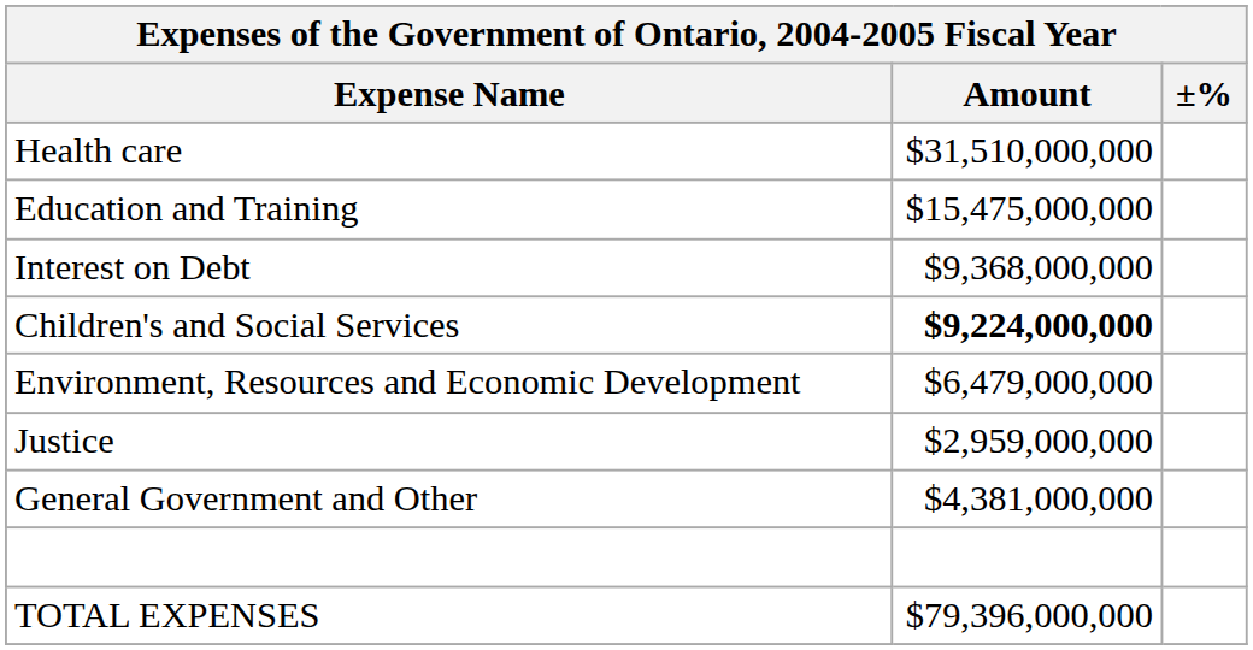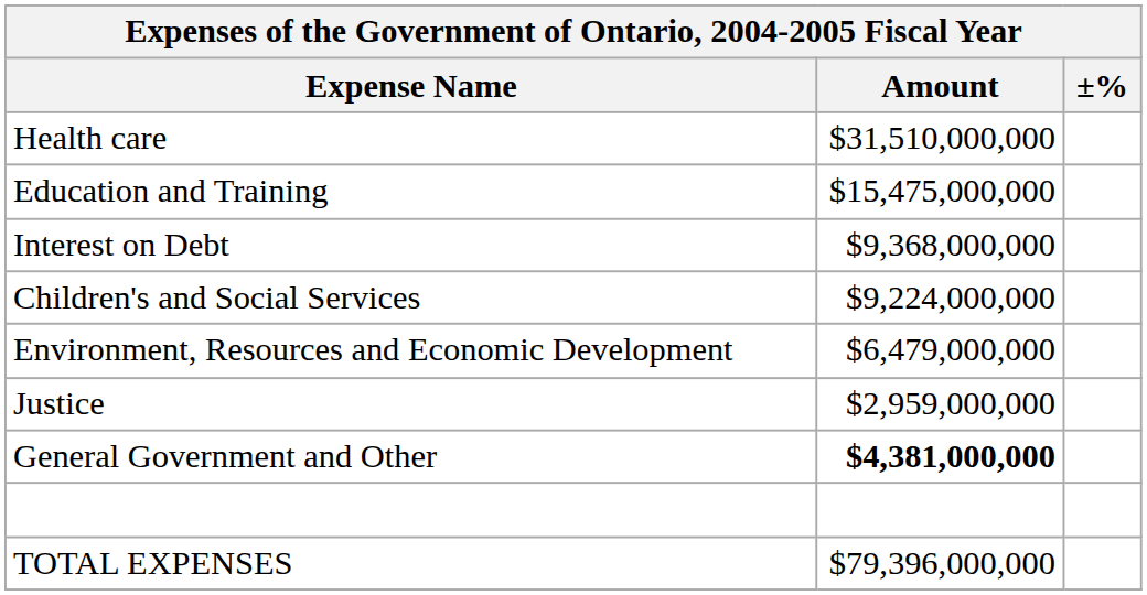 <table class="wikitable">
 <tr>
 <th colspan="7">Expenses of the Government of Ontario, 2004-2005 Fiscal Year</th>
 </tr>
 <tr>
 <th style="width: 380px">Expense Name</th>
 <th style="width: 110px">Amount</th>
 <th style="width: 30px">±%</th>
 </tr>
 <tr bgcolor="white">
 <td>Health care</td>
 <td align="right">$31,510,000,000</td>
 <td align="center"></td>
 </tr>
 <tr bgcolor="white">
 <td>Education and Training</td>
 <td align="right">$15,475,000,000</td>
 <td align="center"></td>
 </tr>
 <tr bgcolor="white">
 <td>Interest on Debt</td>
 <td align="right">$9,368,000,000</td>
 <td align="center"></td>
 </tr>
 <tr bgcolor="white">
 <td>Children's and Social Services</td>
-<td align="right"><strong>$9,224,000,000</strong></td>
+<td align="right">$9,224,000,000</td>
 <td align="center"></td>
 </tr>
 <tr bgcolor="white">
 <td>Environment, Resources and Economic Development</td>
 <td align="right">$6,479,000,000</td>
 <td align="center"></td>
 </tr>
 <tr bgcolor="white">
 <td>Justice</td>
 <td align="right">$2,959,000,000</td>
 <td align="center"></td>
 </tr>
 <tr bgcolor="white">
 <td>General Government and Other</td>
-<td align="right">$4,381,000,000</td>
+<td align="right"><strong>$4,381,000,000</strong></td>
 <td align="center"></td>
 </tr>
 <tr bgcolor="white">
 <td> </td>
 <td align="right"></td>
 <td align="center"></td>
 </tr>
 <tr bgcolor="white">
 <td>TOTAL EXPENSES</td>
 <td align="right">$79,396,000,000</td>
 <td align="center"></td>
 </tr>
 </table>
